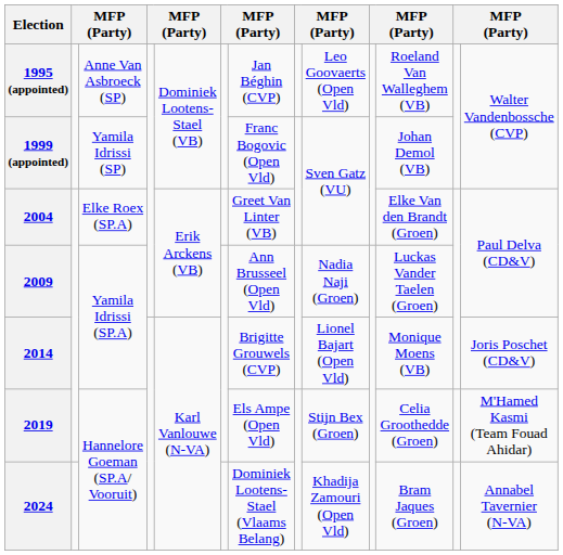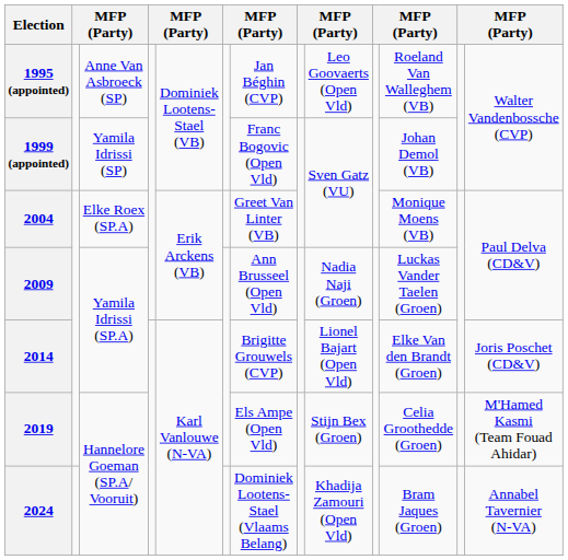 <table class="wikitable" style="text-align:center">
 <tr>
 <th>Election</th>
 <th colspan=2>MFP<br>(Party)</th>
 <th colspan=2>MFP<br>(Party)</th>
 <th colspan=2>MFP<br>(Party)</th>
 <th colspan=2>MFP<br>(Party)</th>
 <th colspan=2>MFP<br>(Party)</th>
 <th colspan=2>MFP<br>(Party)</th>
 </tr>
 <tr>
 <th><a href='#'>1995</a><br><small>(appointed)</small></th>
 <td rowspan=2; style="background-color: "></td>
 <td rowspan=1><a href='#'>Anne Van Asbroeck</a><br>(<a href='#'>SP</a>)</td>
 <td rowspan=4; style="background-color: "></td>
 <td rowspan=2><a href='#'>Dominiek Lootens-Stael</a><br>(<a href='#'>VB</a>)</td>
 <td rowspan=2; style="background-color: "></td>
 <td rowspan=1><a href='#'>Jan Béghin</a><br>(<a href='#'>CVP</a>)</td>
 <td rowspan=1; style="background-color: "></td>
 <td rowspan=1><a href='#'>Leo Goovaerts</a><br>(<a href='#'>Open Vld</a>)</td>
 <td rowspan=3; style="background-color: "></td>
 <td rowspan=1><a href='#'>Roeland Van Walleghem</a><br>(<a href='#'>VB</a>)</td>
 <td rowspan=2; style="background-color: "></td>
 <td rowspan=2><a href='#'>Walter Vandenbossche</a><br>(<a href='#'>CVP</a>)</td>
 </tr>
 <tr>
 <th><a href='#'>1999</a><br><small>(appointed)</small></th>
 <td rowspan=1><a href='#'>Yamila Idrissi</a><br>(<a href='#'>SP</a>)</td>
 <td rowspan=1><a href='#'>Franc Bogovic</a><br>(<a href='#'>Open Vld</a>)</td>
 <td rowspan=2; style="background-color: "></td>
 <td rowspan=2><a href='#'>Sven Gatz</a><br>(<a href='#'>VU</a>)</td>
 <td rowspan=1><a href='#'>Johan Demol</a><br>(<a href='#'>VB</a>)</td>
 </tr>
 <tr>
 <th><a href='#'>2004</a></th>
 <td rowspan=4; style="background-color: "></td>
 <td rowspan=1><a href='#'>Elke Roex</a><br>(<a href='#'>SP.A</a>)</td>
 <td rowspan=2><a href='#'>Erik Arckens</a><br>(<a href='#'>VB</a>)</td>
 <td rowspan=1; style="background-color: "></td>
 <td rowspan=1><a href='#'>Greet Van Linter</a><br>(<a href='#'>VB</a>)</td>
-<td rowspan=1><a href='#'>Elke Van den Brandt</a><br>(<a href='#'>Groen</a>)</td>
+<td rowspan=1><a href='#'>Monique Moens</a><br>(<a href='#'>VB</a>)</td>
 <td rowspan=3; style="background-color: "></td>
 <td rowspan=2><a href='#'>Paul Delva</a><br>(<a href='#'>CD&V</a>)</td>
 </tr>
 <tr>
 <th><a href='#'>2009</a></th>
 <td rowspan=2><a href='#'>Yamila Idrissi</a><br>(<a href='#'>SP.A</a>)</td>
 <td rowspan=3; style="background-color: "></td>
 <td rowspan=1><a href='#'>Ann Brusseel</a><br>(<a href='#'>Open Vld</a>)</td>
 <td rowspan=2; style="background-color: "></td>
 <td rowspan=1><a href='#'>Nadia Naji</a><br>(<a href='#'>Groen</a>)</td>
 <td rowspan=4 style="background-color: "></td>
 <td rowspan=1><a href='#'>Luckas Vander Taelen</a><br>(<a href='#'>Groen</a>)</td>
 </tr>
 <tr>
 <th><a href='#'>2014</a></th>
 <td rowspan=3; style="background-color: "></td>
 <td rowspan=3><a href='#'>Karl Vanlouwe</a><br>(<a href='#'>N-VA</a>)</td>
 <td rowspan=1><a href='#'>Brigitte Grouwels</a><br>(<a href='#'>CVP</a>)</td>
 <td rowspan=1><a href='#'>Lionel Bajart</a><br>(<a href='#'>Open Vld</a>)</td>
-<td rowspan=1><a href='#'>Monique Moens</a><br>(<a href='#'>VB</a>)</td>
+<td rowspan=1><a href='#'>Elke Van den Brandt</a><br>(<a href='#'>Groen</a>)</td>
 <td rowspan=1><a href='#'>Joris Poschet</a><br>(<a href='#'>CD&V</a>)</td>
 </tr>
 <tr>
 <th><a href='#'>2019</a></th>
 <td rowspan=2><a href='#'>Hannelore Goeman</a><br>(<a href='#'>SP.A</a>/<br><a href='#'>Vooruit</a>)</td>
 <td rowspan=1><a href='#'>Els Ampe</a><br>(<a href='#'>Open Vld</a>)</td>
 <td rowspan=2 style="background-color: "></td>
 <td rowspan=1><a href='#'>Stijn Bex</a><br>(<a href='#'>Groen</a>)</td>
 <td rowspan=1><a href='#'>Celia Groothedde</a><br>(<a href='#'>Groen</a>)</td>
 <td rowspan=1; style="background-color: "></td>
 <td rowspan=1><a href='#'>M'Hamed Kasmi</a><br>(Team Fouad Ahidar)</td>
 </tr>
 <tr>
 <th><a href='#'>2024</a></th>
 <td rowspan=1; style="background-color: "></td>
 <td rowspan=1; style="background-color: "></td>
 <td rowspan=1><a href='#'>Dominiek Lootens-Stael</a><br>(<a href='#'>Vlaams Belang</a>)</td>
 <td rowspan=1><a href='#'>Khadija Zamouri</a><br>(<a href='#'>Open Vld</a>)</td>
 <td rowspan=1><a href='#'>Bram Jaques</a><br>(<a href='#'>Groen</a>)</td>
 <td rowspan=1; style="background-color: "></td>
 <td><a href='#'>Annabel Tavernier</a><br>(<a href='#'>N-VA</a>)</td>
 </tr>
 </table>
